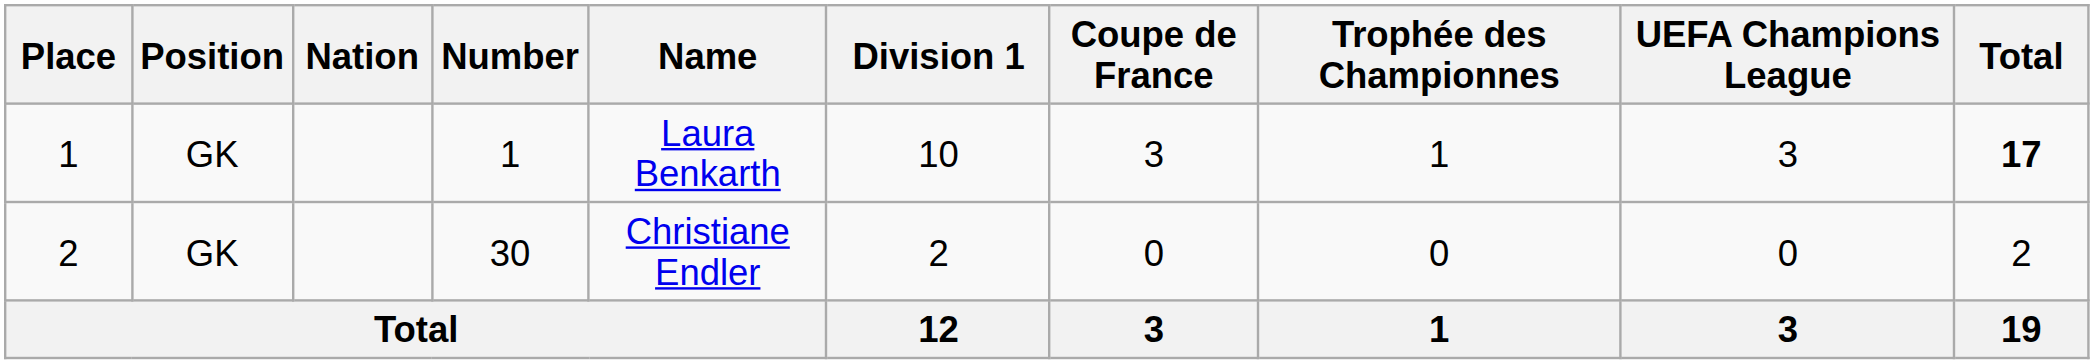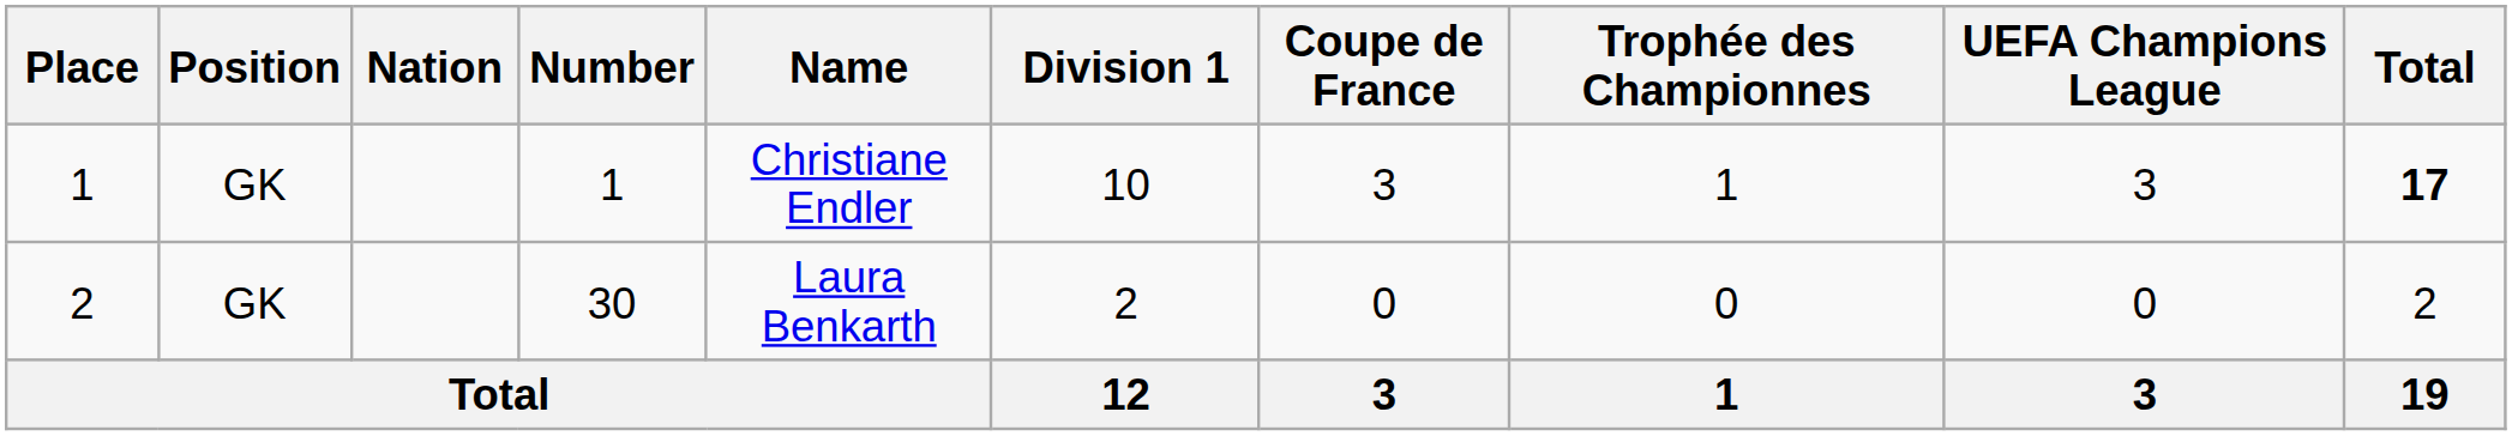 <table class="wikitable" style="font-size: 95%; text-align: center;">
 <tr>
 <th width=60>Place</th>
 <th width=60>Position</th>
 <th width=60>Nation</th>
 <th width=60>Number</th>
 <th width=150>Name</th>
 <th width=150>Division 1</th>
 <th width=150>Coupe de France</th>
 <th width=250>Trophée des Championnes</th>
 <th width=250>UEFA Champions League</th>
 <th width=80>Total</th>
 </tr>
 <tr>
 <td>1</td>
 <td>GK</td>
 <td></td>
 <td>1</td>
-<td><a href='#'>Laura Benkarth</a></td>
+<td><a href='#'>Christiane Endler</a></td>
 <td>10</td>
 <td>3</td>
 <td>1</td>
 <td>3</td>
 <td><strong>17</strong></td>
 </tr>
 <tr>
 <td>2</td>
 <td>GK</td>
 <td></td>
 <td>30</td>
-<td><a href='#'>Christiane Endler</a></td>
+<td><a href='#'>Laura Benkarth</a></td>
 <td>2</td>
 <td>0</td>
 <td>0</td>
 <td>0</td>
 <td>2</td>
 </tr>
 <tr>
 <th colspan=5>Total</th>
 <th>12</th>
 <th>3</th>
 <th>1</th>
 <th>3</th>
 <th>19</th>
 </tr>
 </table>
